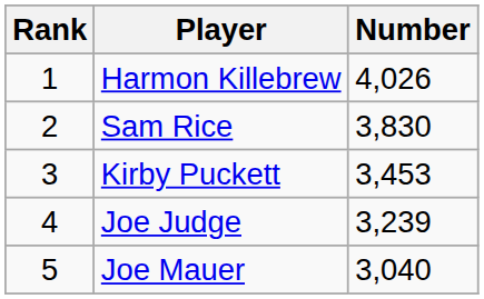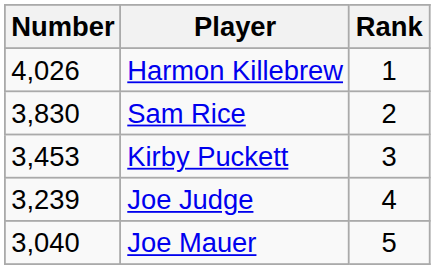 <table class="wikitable" style="font-size: 95%; text-align:left;">
 <tr>
+<th>Number</th>
+<th>Player</th>
 <th>Rank</th>
-<th>Player</th>
-<th>Number</th>
 </tr>
 <tr>
+<td>4,026</td>
+<td><a href='#'>Harmon Killebrew</a></td>
 <td align="center">1</td>
-<td><a href='#'>Harmon Killebrew</a></td>
-<td>4,026</td>
 </tr>
 <tr>
+<td>3,830</td>
+<td><a href='#'>Sam Rice</a></td>
 <td align="center">2</td>
-<td><a href='#'>Sam Rice</a></td>
-<td>3,830</td>
 </tr>
 <tr>
+<td>3,453</td>
+<td><a href='#'>Kirby Puckett</a></td>
 <td align="center">3</td>
-<td><a href='#'>Kirby Puckett</a></td>
-<td>3,453</td>
 </tr>
 <tr>
+<td>3,239</td>
+<td><a href='#'>Joe Judge</a></td>
 <td align="center">4</td>
-<td><a href='#'>Joe Judge</a></td>
-<td>3,239</td>
 </tr>
 <tr>
+<td>3,040</td>
+<td><a href='#'>Joe Mauer</a></td>
 <td align="center">5</td>
-<td><a href='#'>Joe Mauer</a></td>
-<td>3,040</td>
 </tr>
 </table>
